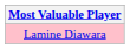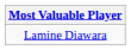 <table class=wikitable style="text-align:center; margin:auto">
 <tr>
 <th><a href='#'>Most Valuable Player</a></th>
 </tr>
 <tr>
-<td style="background: pink;"> <a href='#'>Lamine Diawara</a></td>
+<td> <a href='#'>Lamine Diawara</a></td>
 </tr>
 </table>
